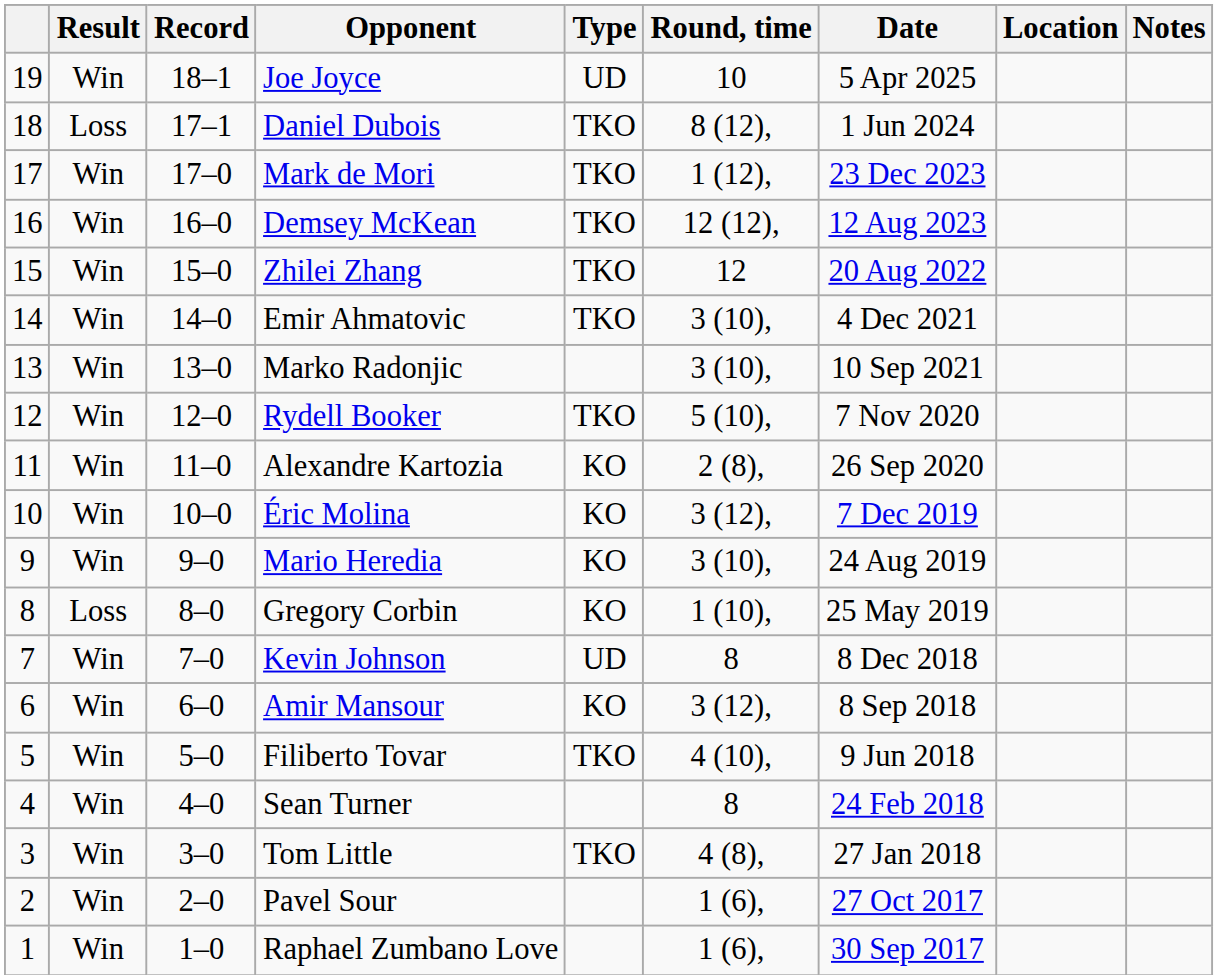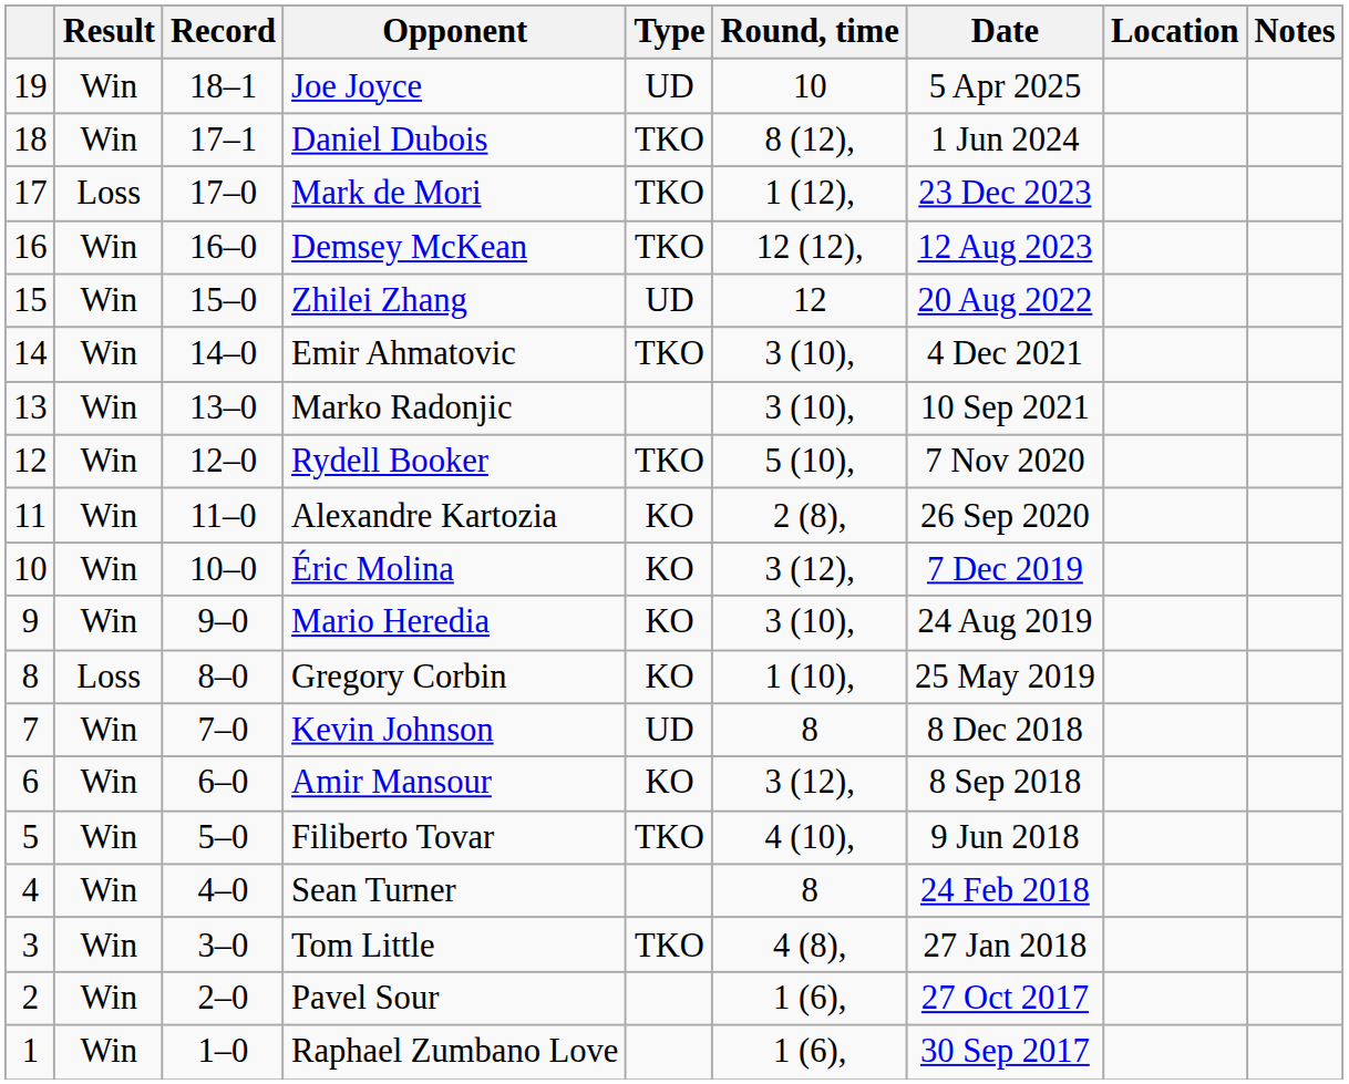 <table class="wikitable" style="text-align:center">
 <tr>
 <th></th>
 <th>Result</th>
 <th>Record</th>
 <th>Opponent</th>
 <th>Type</th>
 <th>Round, time</th>
 <th>Date</th>
 <th>Location</th>
 <th>Notes</th>
 </tr>
 <tr>
 <td>19</td>
 <td>Win</td>
 <td>18–1</td>
 <td style="text-align:left;"><a href='#'>Joe Joyce</a></td>
 <td>UD</td>
 <td>10</td>
 <td>5 Apr 2025</td>
 <td style="text-align:left;"></td>
 <td style="text-align:left;"></td>
 </tr>
 <tr>
 <td>18</td>
-<td>Loss</td>
+<td>Win</td>
 <td>17–1</td>
 <td style="text-align:left;"><a href='#'>Daniel Dubois</a></td>
 <td>TKO</td>
 <td>8 (12), </td>
 <td>1 Jun 2024</td>
 <td style="text-align:left;"></td>
 <td style="text-align:left;"></td>
 </tr>
 <tr>
 <td>17</td>
-<td>Win</td>
+<td>Loss</td>
 <td>17–0</td>
 <td style="text-align:left;"><a href='#'>Mark de Mori</a></td>
 <td>TKO</td>
 <td>1 (12), </td>
 <td><a href='#'>23 Dec 2023</a></td>
 <td style="text-align:left;"></td>
 <td></td>
 </tr>
 <tr>
 <td>16</td>
 <td>Win</td>
 <td>16–0</td>
 <td style="text-align:left;"><a href='#'>Demsey McKean</a></td>
 <td>TKO</td>
 <td>12 (12), </td>
 <td><a href='#'>12 Aug 2023</a></td>
 <td style="text-align:left;"></td>
 <td></td>
 </tr>
 <tr>
 <td>15</td>
 <td>Win</td>
 <td>15–0</td>
 <td style="text-align:left;"><a href='#'>Zhilei Zhang</a></td>
-<td>TKO</td>
+<td>UD</td>
 <td>12</td>
 <td><a href='#'>20 Aug 2022</a></td>
 <td style="text-align:left;"></td>
 <td></td>
 </tr>
 <tr>
 <td>14</td>
 <td>Win</td>
 <td>14–0</td>
 <td style="text-align:left;">Emir Ahmatovic</td>
 <td>TKO</td>
 <td>3 (10), </td>
 <td>4 Dec 2021</td>
 <td style="text-align:left;"></td>
 <td style="text-align:left;"></td>
 </tr>
 <tr>
 <td>13</td>
 <td>Win</td>
 <td>13–0</td>
 <td style="text-align:left;">Marko Radonjic</td>
 <td></td>
 <td>3 (10), </td>
 <td>10 Sep 2021</td>
 <td style="text-align:left;"></td>
 <td style="text-align:left;"></td>
 </tr>
 <tr>
 <td>12</td>
 <td>Win</td>
 <td>12–0</td>
 <td style="text-align:left;"><a href='#'>Rydell Booker</a></td>
 <td>TKO</td>
 <td>5 (10), </td>
 <td>7 Nov 2020</td>
 <td style="text-align:left;"></td>
 <td style="text-align:left;"></td>
 </tr>
 <tr>
 <td>11</td>
 <td>Win</td>
 <td>11–0</td>
 <td style="text-align:left;">Alexandre Kartozia</td>
 <td>KO</td>
 <td>2 (8), </td>
 <td>26 Sep 2020</td>
 <td style="text-align:left;"></td>
 <td></td>
 </tr>
 <tr>
 <td>10</td>
 <td>Win</td>
 <td>10–0</td>
 <td style="text-align:left;"><a href='#'>Éric Molina</a></td>
 <td>KO</td>
 <td>3 (12), </td>
 <td><a href='#'>7 Dec 2019</a></td>
 <td style="text-align:left;"></td>
 <td style="text-align:left;"></td>
 </tr>
 <tr>
 <td>9</td>
 <td>Win</td>
 <td>9–0</td>
 <td style="text-align:left;"><a href='#'>Mario Heredia</a></td>
 <td>KO</td>
 <td>3 (10), </td>
 <td>24 Aug 2019</td>
 <td style="text-align:left;"></td>
 <td style="text-align:left;"></td>
 </tr>
 <tr>
 <td>8</td>
 <td>Loss</td>
 <td>8–0</td>
 <td style="text-align:left;">Gregory Corbin</td>
 <td>KO</td>
 <td>1 (10), </td>
 <td>25 May 2019</td>
 <td style="text-align:left;"></td>
 <td style="text-align:left;"><br></td>
 </tr>
 <tr>
 <td>7</td>
 <td>Win</td>
 <td>7–0</td>
 <td style="text-align:left;"><a href='#'>Kevin Johnson</a></td>
 <td>UD</td>
 <td>8</td>
 <td>8 Dec 2018</td>
 <td style="text-align:left;"></td>
 <td></td>
 </tr>
 <tr>
 <td>6</td>
 <td>Win</td>
 <td>6–0</td>
 <td style="text-align:left;"><a href='#'>Amir Mansour</a></td>
 <td>KO</td>
 <td>3 (12), </td>
 <td>8 Sep 2018</td>
 <td style="text-align:left;"></td>
 <td style="text-align:left;"></td>
 </tr>
 <tr>
 <td>5</td>
 <td>Win</td>
 <td>5–0</td>
 <td style="text-align:left;">Filiberto Tovar</td>
 <td>TKO</td>
 <td>4 (10), </td>
 <td>9 Jun 2018</td>
 <td style="text-align:left;"></td>
 <td style="text-align:left;"></td>
 </tr>
 <tr>
 <td>4</td>
 <td>Win</td>
 <td>4–0</td>
 <td style="text-align:left;">Sean Turner</td>
 <td></td>
 <td>8</td>
 <td><a href='#'>24 Feb 2018</a></td>
 <td style="text-align:left;"></td>
 <td style="text-align:left;"></td>
 </tr>
 <tr>
 <td>3</td>
 <td>Win</td>
 <td>3–0</td>
 <td style="text-align:left;">Tom Little</td>
 <td>TKO</td>
 <td>4 (8), </td>
 <td>27 Jan 2018</td>
 <td style="text-align:left;"></td>
 <td style="text-align:left;"></td>
 </tr>
 <tr>
 <td>2</td>
 <td>Win</td>
 <td>2–0</td>
 <td style="text-align:left;">Pavel Sour</td>
 <td></td>
 <td>1 (6), </td>
 <td><a href='#'>27 Oct 2017</a></td>
 <td style="text-align:left;"></td>
 <td style="text-align:left;"></td>
 </tr>
 <tr>
 <td>1</td>
 <td>Win</td>
 <td>1–0</td>
 <td style="text-align:left;">Raphael Zumbano Love</td>
 <td></td>
 <td>1 (6), </td>
 <td><a href='#'>30 Sep 2017</a></td>
 <td style="text-align:left;"></td>
 <td style="text-aligh:left;"></td>
 </tr>
 </table>
